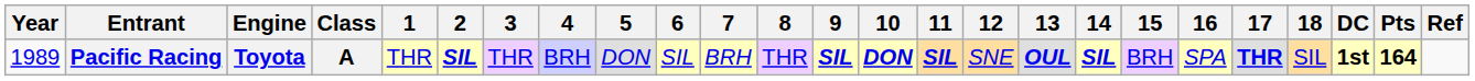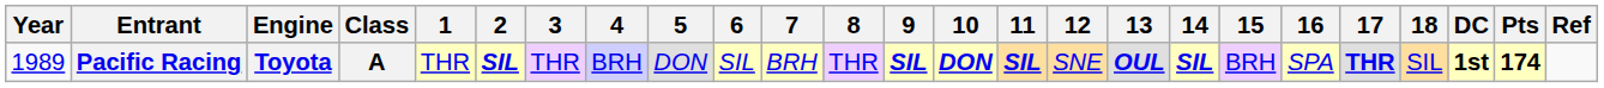 <table class="wikitable" style="text-align:center; font-size:85%">
 <tr>
 <th>Year</th>
 <th>Entrant</th>
 <th>Engine</th>
 <th>Class</th>
 <th>1</th>
 <th>2</th>
 <th>3</th>
 <th>4</th>
 <th>5</th>
 <th>6</th>
 <th>7</th>
 <th>8</th>
 <th>9</th>
 <th>10</th>
 <th>11</th>
 <th>12</th>
 <th>13</th>
 <th>14</th>
 <th>15</th>
 <th>16</th>
 <th>17</th>
 <th>18</th>
 <th>DC</th>
 <th>Pts</th>
 <th>Ref</th>
 </tr>
 <tr>
 <td><a href='#'>1989</a></td>
 <th nowrap><a href='#'>Pacific Racing</a></th>
 <th><a href='#'>Toyota</a></th>
 <th>A</th>
 <td style="background:#FFFFBF;"><a href='#'>THR</a><br></td>
 <td style="background:#FFFFBF;"><strong><em><a href='#'>SIL</a></em></strong><br></td>
 <td style="background:#EFCFFF;"><a href='#'>THR</a><br></td>
 <td style="background:#CFCFFF;"><a href='#'>BRH</a><br></td>
 <td style="background:#DFDFDF;"><em><a href='#'>DON</a></em><br></td>
 <td style="background:#FFFFBF;"><em><a href='#'>SIL</a></em><br></td>
 <td style="background:#FFFFBF;"><em><a href='#'>BRH</a></em><br></td>
 <td style="background:#EFCFFF;"><a href='#'>THR</a><br></td>
 <td style="background:#FFFFBF;"><strong><em><a href='#'>SIL</a></em></strong><br></td>
 <td style="background:#FFFFBF;"><strong><em><a href='#'>DON</a></em></strong><br></td>
 <td style="background:#FFDF9F;"><strong><em><a href='#'>SIL</a></em><br></strong></td>
 <td style="background:#FFDF9F;"><em><a href='#'>SNE</a></em><br></td>
 <td style="background:#DFDFDF;"><strong><em><a href='#'>OUL</a></em></strong><br></td>
 <td style="background:#FFFFBF;"><strong><em><a href='#'>SIL</a></em></strong><br></td>
 <td style="background:#EFCFFF;"><a href='#'>BRH</a><br></td>
 <td style="background:#FFFFBF;"><em><a href='#'>SPA</a></em><br></td>
 <td style="background:#DFDFDF;"><strong><a href='#'>THR</a></strong><br></td>
 <td style="background:#FFDF9F;"><a href='#'>SIL</a><br></td>
 <td style="background:#FFFFBF;"><strong>1st</strong></td>
-<td style="background:#FFFFBF;"><strong>164</strong></td>
+<td style="background:#FFFFBF;"><strong>174</strong></td>
 <td></td>
 </tr>
 </table>
